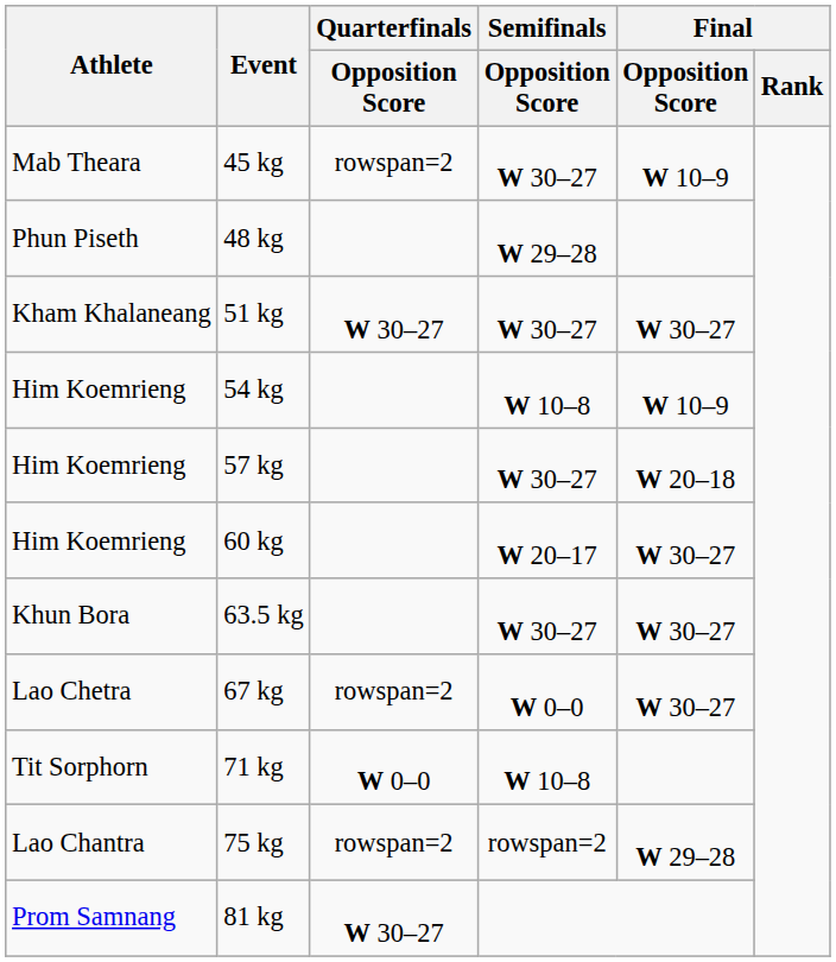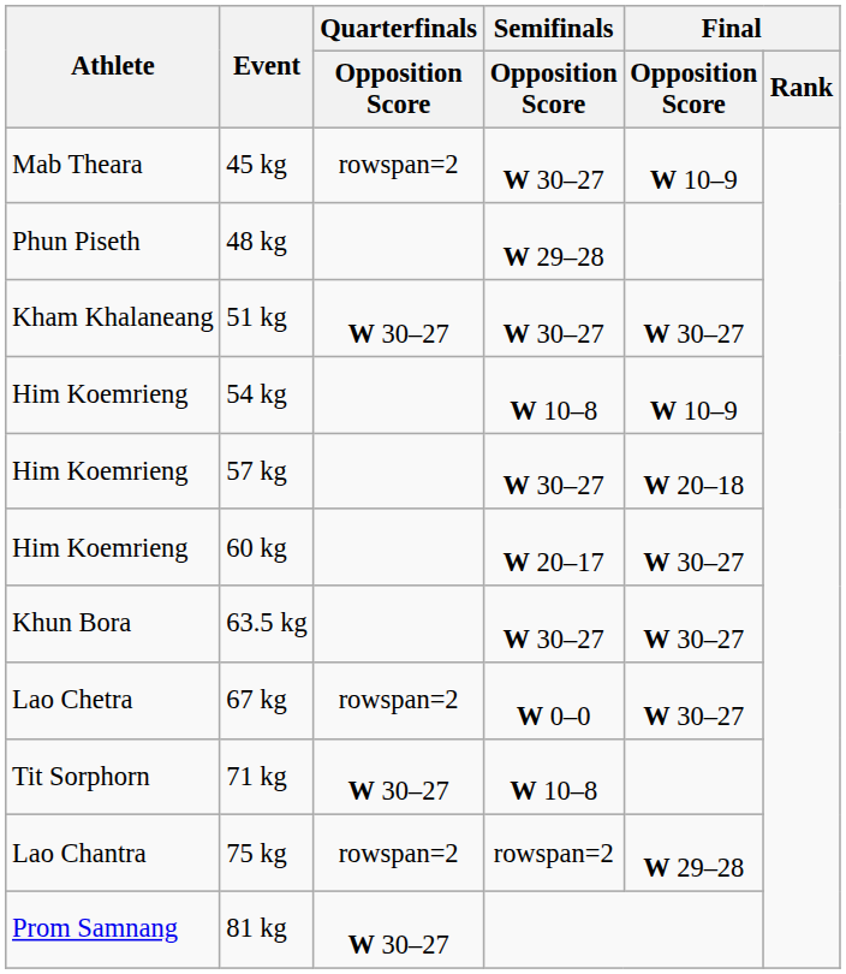 <table class="wikitable" style="font-size:90%">
 <tr>
 <th rowspan=2>Athlete</th>
 <th rowspan=2>Event</th>
 <th>Quarterfinals</th>
 <th>Semifinals</th>
 <th colspan=2>Final</th>
 </tr>
 <tr style="font-size:95">
 <th>Opposition<br>Score</th>
 <th>Opposition<br>Score</th>
 <th>Opposition<br>Score</th>
 <th>Rank</th>
 </tr>
 <tr align=center>
 <td align=left>Mab Theara</td>
 <td align=left>45 kg</td>
 <td>rowspan=2 </td>
 <td><br><strong>W</strong> 30–27</td>
 <td><br><strong>W</strong> 10–9 </td>
 <td rowspan=11></td>
 </tr>
 <tr align=center>
 <td align=left>Phun Piseth</td>
 <td align=left>48 kg</td>
 <td></td>
 <td><br><strong>W</strong> 29–28</td>
 </tr>
 <tr align=center>
 <td align=left>Kham Khalaneang</td>
 <td align=left>51 kg</td>
 <td><br><strong>W</strong> 30–27</td>
 <td><br><strong>W</strong> 30–27</td>
 <td><br><strong>W</strong> 30–27</td>
 </tr>
 <tr align=center>
 <td align=left>Him Koemrieng</td>
 <td align=left>54 kg</td>
 <td></td>
 <td><br><strong>W</strong> 10–8 </td>
 <td><br><strong>W</strong> 10–9 </td>
 </tr>
 <tr align=center>
 <td align=left>Him Koemrieng</td>
 <td align=left>57 kg</td>
 <td></td>
 <td><br><strong>W</strong> 30–27</td>
 <td><br><strong>W</strong> 20–18 </td>
 </tr>
 <tr align=center>
 <td align=left>Him Koemrieng</td>
 <td align=left>60 kg</td>
 <td></td>
 <td><br><strong>W</strong> 20–17</td>
 <td><br><strong>W</strong> 30–27</td>
 </tr>
 <tr align=center>
 <td align=left>Khun Bora</td>
 <td align=left>63.5 kg</td>
 <td></td>
 <td><br><strong>W</strong> 30–27</td>
 <td><br><strong>W</strong> 30–27</td>
 </tr>
 <tr align=center>
 <td align=left>Lao Chetra</td>
 <td align=left>67 kg</td>
 <td>rowspan=2 </td>
 <td><br><strong>W</strong> 0–0 </td>
 <td><br><strong>W</strong> 30–27</td>
 </tr>
 <tr align=center>
 <td align=left>Tit Sorphorn</td>
 <td align=left>71 kg</td>
-<td><br><strong>W</strong> 0–0 </td>
+<td><br><strong>W</strong> 30–27</td>
 <td><br><strong>W</strong> 10–8 </td>
 </tr>
 <tr align=center>
 <td align=left>Lao Chantra</td>
 <td align=left>75 kg</td>
 <td>rowspan=2 </td>
 <td>rowspan=2 </td>
 <td><br><strong>W</strong> 29–28</td>
 </tr>
 <tr align=center>
 <td align=left><a href='#'>Prom Samnang</a></td>
 <td align=left>81 kg</td>
 <td><br><strong>W</strong> 30–27</td>
 </tr>
 </table>
